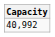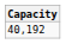 <table class="wikitable">
 <tr>
 <th>Capacity</th>
 </tr>
 <tr>
-<td>40,992</td>
+<td>40,192</td>
 </tr>
 </table>
